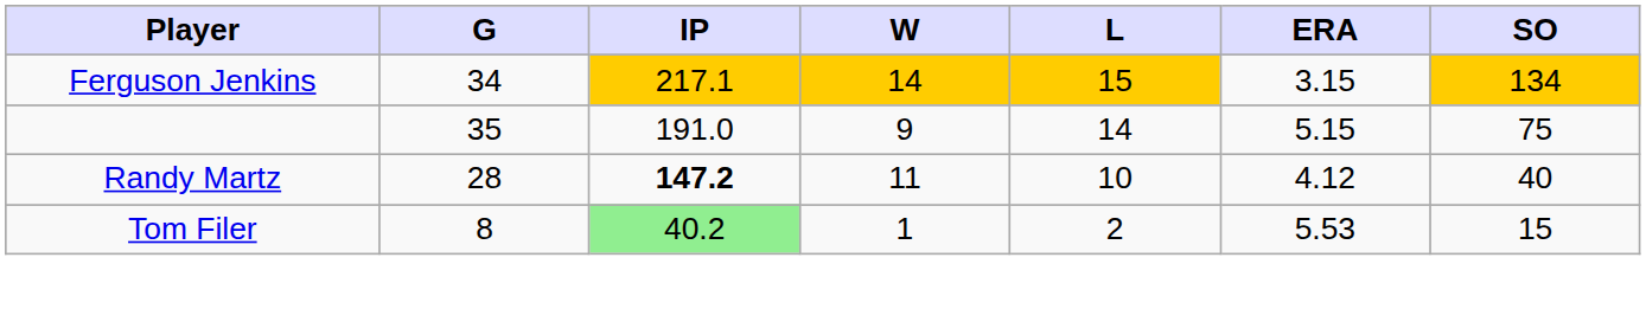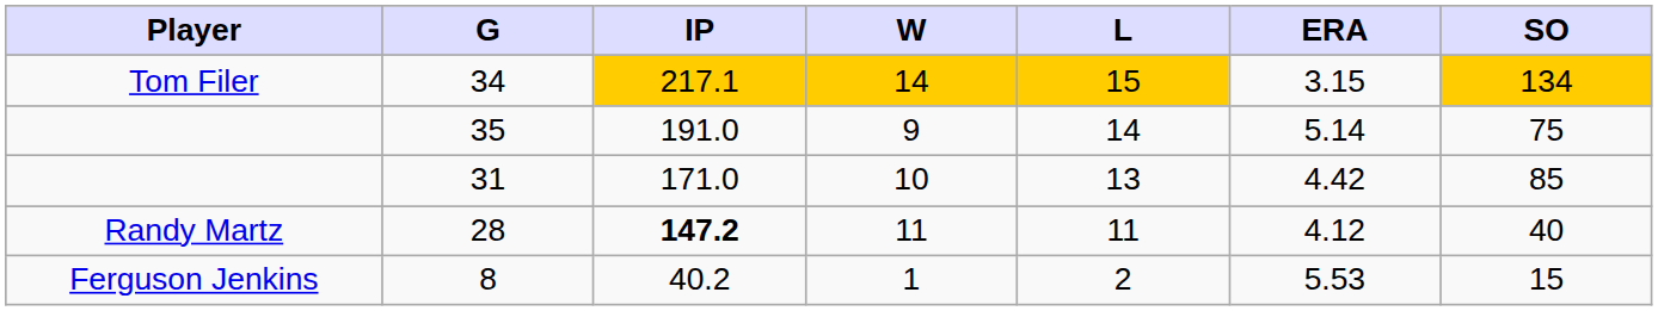 <table class="wikitable sortable">
 <tr>
 <th style="background:#ddf; width:16%;">Player</th>
 <th style="background:#ddf; width:9%;">G</th>
 <th style="background:#ddf; width:9%;">IP</th>
 <th style="background:#ddf; width:9%;">W</th>
 <th style="background:#ddf; width:9%;">L</th>
 <th style="background:#ddf; width:9%;">ERA</th>
 <th style="background:#ddf; width:9%;">SO</th>
 </tr>
 <tr style="text-align:center;">
-<td><a href='#'>Ferguson Jenkins</a></td>
+<td><a href='#'>Tom Filer</a></td>
 <td>34</td>
 <td style="background:#fc0;">217.1</td>
 <td style="background:#fc0;">14</td>
 <td style="background:#fc0;">15</td>
 <td>3.15</td>
 <td style="background:#fc0;">134</td>
 </tr>
 <tr align=center>
 <td></td>
 <td>35</td>
 <td>191.0</td>
 <td>9</td>
 <td>14</td>
-<td>5.15</td>
+<td>5.14</td>
 <td>75</td>
+</tr>
+<tr style="text-align:center;">
+<td></td>
+<td>31</td>
+<td>171.0</td>
+<td>10</td>
+<td>13</td>
+<td>4.42</td>
+<td>85</td>
 </tr>
 <tr align=center>
 <td><a href='#'>Randy Martz</a></td>
 <td>28</td>
 <td><strong>147.2</strong></td>
 <td>11</td>
-<td>10</td>
+<td>11</td>
 <td>4.12</td>
 <td>40</td>
 </tr>
 <tr align=center>
-<td><a href='#'>Tom Filer</a></td>
+<td><a href='#'>Ferguson Jenkins</a></td>
 <td>8</td>
-<td style="background: lightgreen;">40.2</td>
+<td>40.2</td>
 <td>1</td>
 <td>2</td>
 <td>5.53</td>
 <td>15</td>
 </tr>
 </table>
